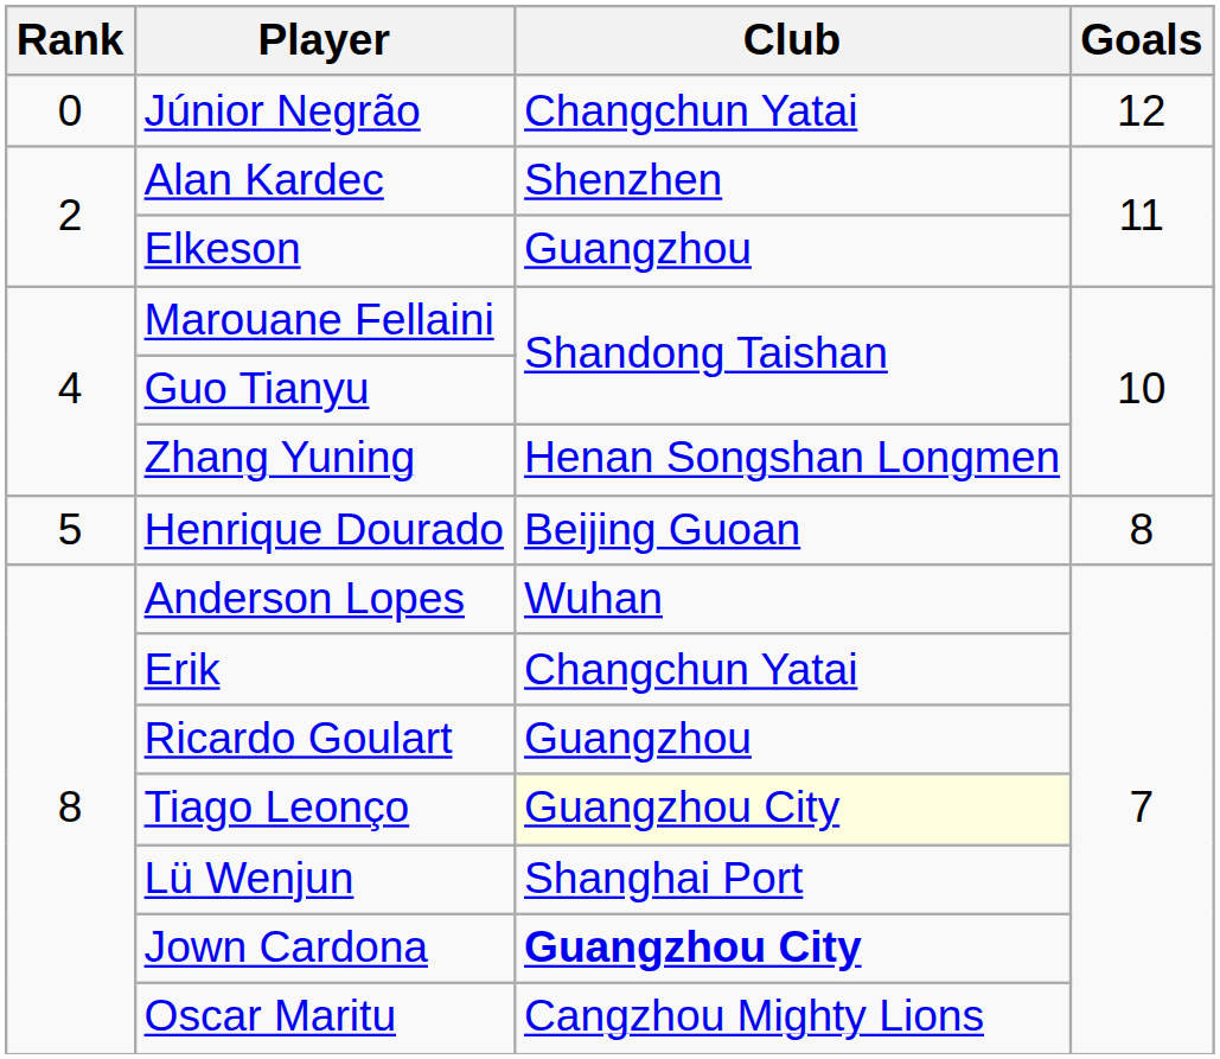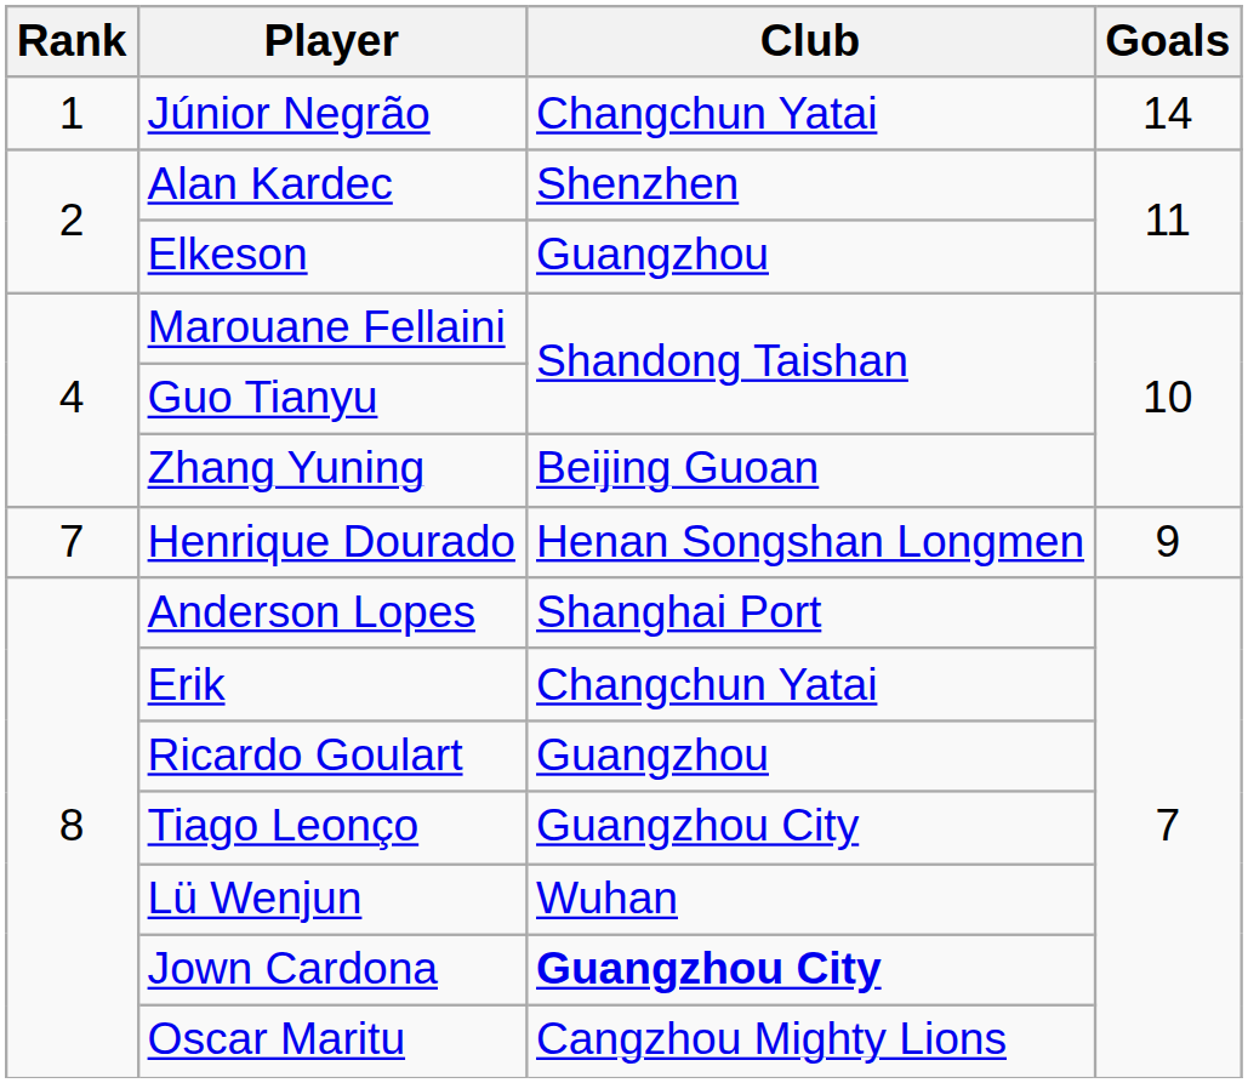 <table class="wikitable" style="text-align:center">
 <tr>
 <th>Rank</th>
 <th>Player</th>
 <th>Club</th>
 <th>Goals</th>
 </tr>
 <tr>
-<td>0</td>
+<td>1</td>
 <td align="left"> <a href='#'>Júnior Negrão</a></td>
 <td align="left"><a href='#'>Changchun Yatai</a></td>
-<td>12</td>
+<td>14</td>
 </tr>
 <tr>
 <td rowspan=2>2</td>
 <td align="left"> <a href='#'>Alan Kardec</a></td>
 <td align="left"><a href='#'>Shenzhen</a></td>
 <td rowspan=2>11</td>
 </tr>
 <tr>
 <td align="left"> <a href='#'>Elkeson</a></td>
 <td align="left"><a href='#'>Guangzhou</a></td>
 </tr>
 <tr>
 <td rowspan=3>4</td>
 <td align="left"> <a href='#'>Marouane Fellaini</a></td>
 <td rowspan=2 align="left"><a href='#'>Shandong Taishan</a></td>
 <td rowspan=3>10</td>
 </tr>
 <tr>
 <td align="left"> <a href='#'>Guo Tianyu</a></td>
 </tr>
 <tr>
 <td align="left"> <a href='#'>Zhang Yuning</a></td>
-<td align="left"><a href='#'>Henan Songshan Longmen</a></td>
+<td align="left"><a href='#'>Beijing Guoan</a></td>
 </tr>
 <tr>
-<td>5</td>
+<td>7</td>
 <td align="left"> <a href='#'>Henrique Dourado</a></td>
-<td align="left"><a href='#'>Beijing Guoan</a></td>
-<td>8</td>
+<td align="left"><a href='#'>Henan Songshan Longmen</a></td>
+<td>9</td>
 </tr>
 <tr>
 <td rowspan=7>8</td>
 <td align="left"> <a href='#'>Anderson Lopes</a></td>
-<td align="left"><a href='#'>Wuhan</a></td>
+<td align="left"><a href='#'>Shanghai Port</a></td>
 <td rowspan=7>7</td>
 </tr>
 <tr>
 <td align="left"> <a href='#'>Erik</a></td>
 <td align="left"><a href='#'>Changchun Yatai</a></td>
 </tr>
 <tr>
 <td align="left"> <a href='#'>Ricardo Goulart</a></td>
 <td align="left"><a href='#'>Guangzhou</a></td>
 </tr>
 <tr>
 <td align="left"> <a href='#'>Tiago Leonço</a></td>
-<td align="left" style="background: lightyellow;"><a href='#'>Guangzhou City</a></td>
+<td align="left"><a href='#'>Guangzhou City</a></td>
 </tr>
 <tr>
 <td align="left"> <a href='#'>Lü Wenjun</a></td>
-<td align="left"><a href='#'>Shanghai Port</a></td>
+<td align="left"><a href='#'>Wuhan</a></td>
 </tr>
 <tr>
 <td align="left"> <a href='#'>Jown Cardona</a></td>
 <td align="left"><strong><a href='#'>Guangzhou City</a></strong></td>
 </tr>
 <tr>
 <td align="left"> <a href='#'>Oscar Maritu</a></td>
 <td align="left"><a href='#'>Cangzhou Mighty Lions</a></td>
 </tr>
 </table>
